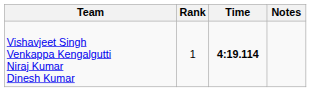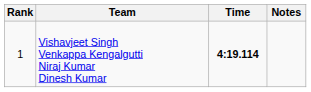 <table class=wikitable style="text-align:center">
 <tr>
+<th width=40>Rank</th>
 <th width=250>Team</th>
-<th width=40>Rank</th>
 <th width=80>Time</th>
 <th width=50>Notes</th>
 </tr>
 <tr>
+<td>1</td>
 <td align=left><br><a href='#'>Vishavjeet Singh</a><br><a href='#'>Venkappa Kengalgutti</a><br><a href='#'>Niraj Kumar</a><br><a href='#'>Dinesh Kumar</a></td>
-<td>1</td>
 <td><strong>4:19.114</strong></td>
 <td></td>
 </tr>
 </table>
